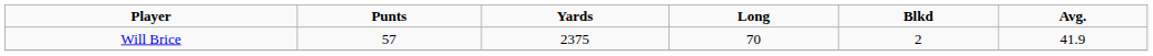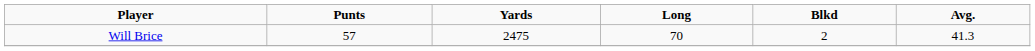 <table class="wikitable" width="80%">
 <tr align="center">
 <td><strong>Player</strong></td>
 <td><strong>Punts</strong></td>
 <td><strong>Yards</strong></td>
 <td><strong>Long</strong></td>
 <td><strong>Blkd</strong></td>
 <td><strong>Avg.</strong></td>
 </tr>
 <tr align="center" bgcolor="">
 <td><a href='#'>Will Brice</a></td>
 <td>57</td>
-<td>2375</td>
+<td>2475</td>
 <td>70</td>
 <td>2</td>
-<td>41.9</td>
+<td>41.3</td>
 </tr>
 <tr align="center" bgcolor="">
 </tr>
 </table>
